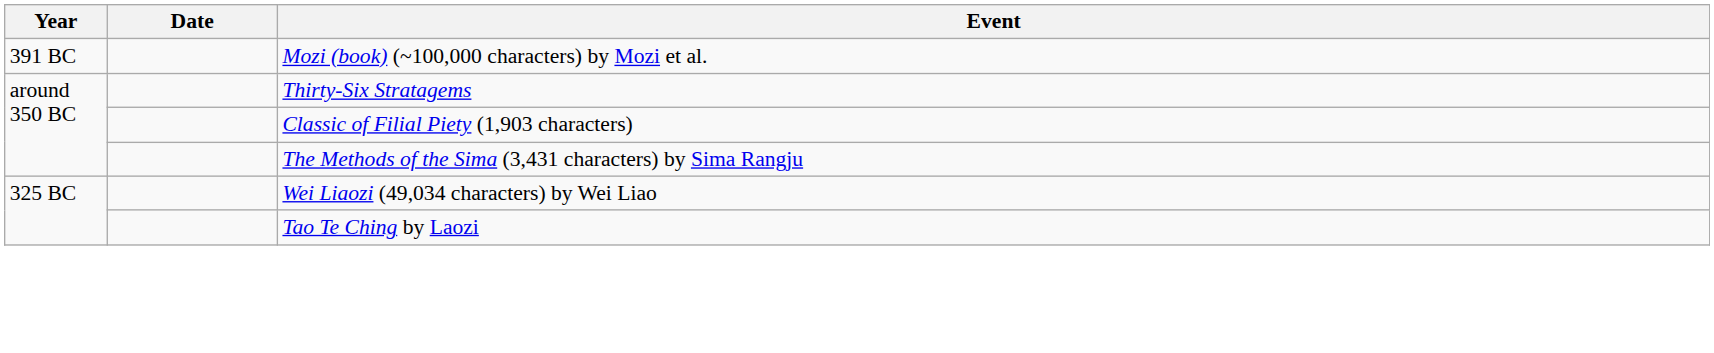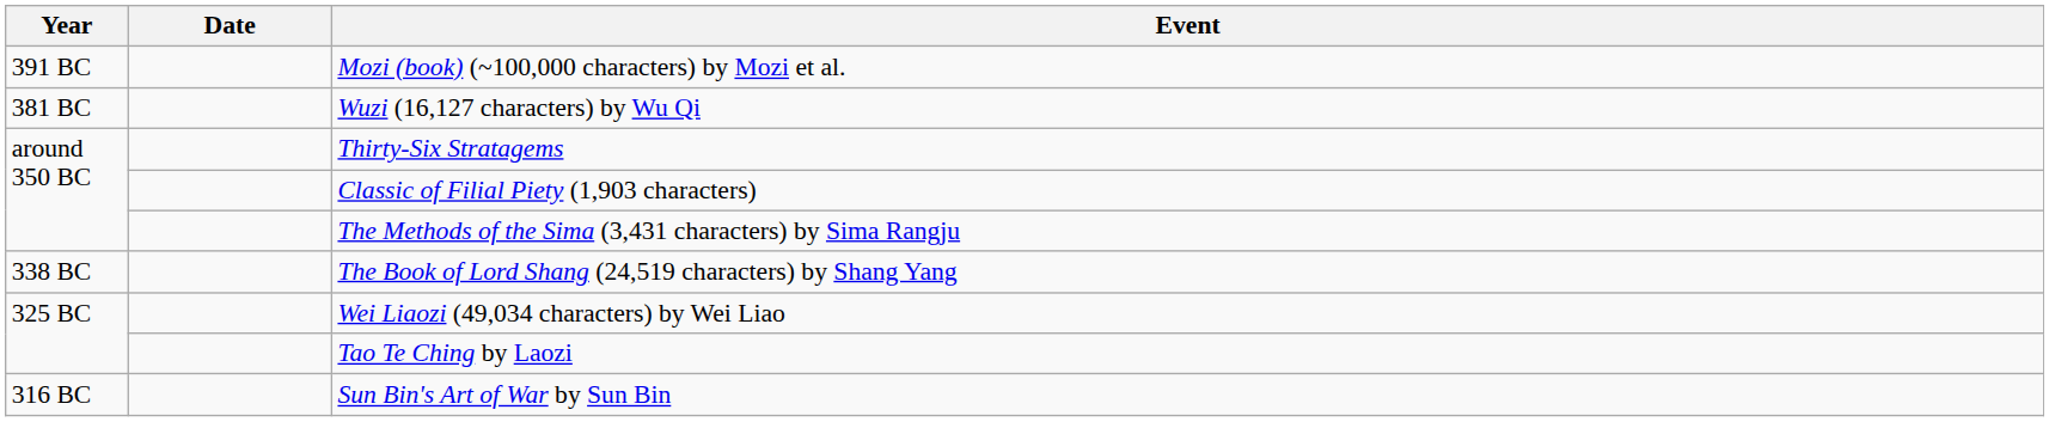 <table class="wikitable" style="width:100%;">
 <tr>
 <th style="width:6%">Year</th>
 <th style="width:10%">Date</th>
 <th>Event</th>
 </tr>
 <tr>
 <td>391 BC</td>
 <td></td>
 <td><em><a href='#'>Mozi (book)</a></em> (~100,000 characters) by <a href='#'>Mozi</a> et al.</td>
+</tr>
+<tr>
+<td>381 BC</td>
+<td></td>
+<td><em><a href='#'>Wuzi</a></em> (16,127 characters) by <a href='#'>Wu Qi</a></td>
 </tr>
 <tr>
 <td rowspan="3" valign="top">around 350 BC</td>
 <td></td>
 <td><em><a href='#'>Thirty-Six Stratagems</a></em></td>
 </tr>
 <tr>
 <td></td>
 <td><em><a href='#'>Classic of Filial Piety</a></em> (1,903 characters)</td>
 </tr>
 <tr>
 <td></td>
 <td><em><a href='#'>The Methods of the Sima</a></em> (3,431 characters) by <a href='#'>Sima Rangju</a></td>
 </tr>
 <tr>
+<td>338 BC</td>
+<td></td>
+<td><em><a href='#'>The Book of Lord Shang</a></em> (24,519 characters) by <a href='#'>Shang Yang</a></td>
+</tr>
+<tr>
 <td rowspan="2" valign="top">325 BC</td>
 <td></td>
 <td><em><a href='#'>Wei Liaozi</a></em> (49,034 characters) by Wei Liao</td>
 </tr>
 <tr>
 <td></td>
 <td><em><a href='#'>Tao Te Ching</a></em> by <a href='#'>Laozi</a></td>
 </tr>
+<tr>
+<td>316 BC</td>
+<td></td>
+<td><em><a href='#'>Sun Bin's Art of War</a></em> by <a href='#'>Sun Bin</a></td>
+</tr>
 </table>
